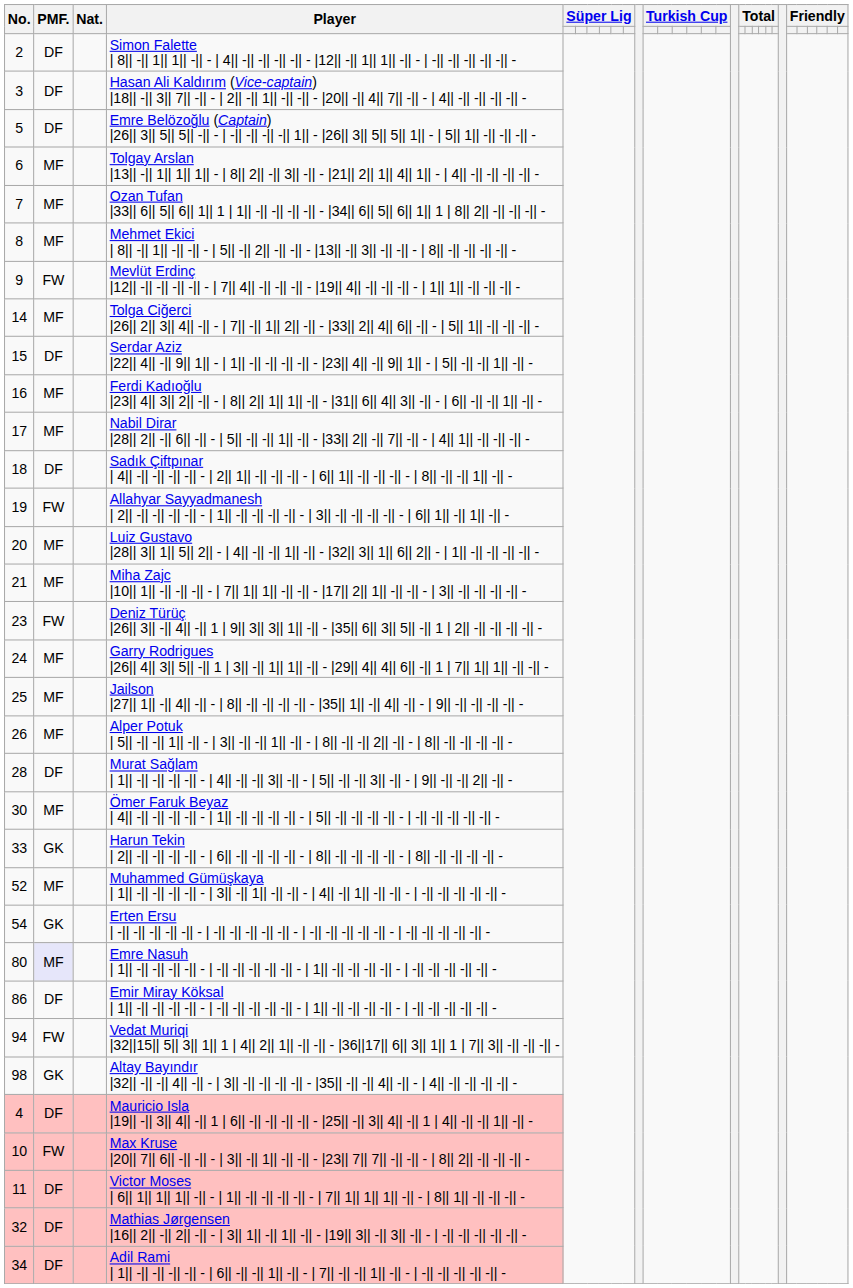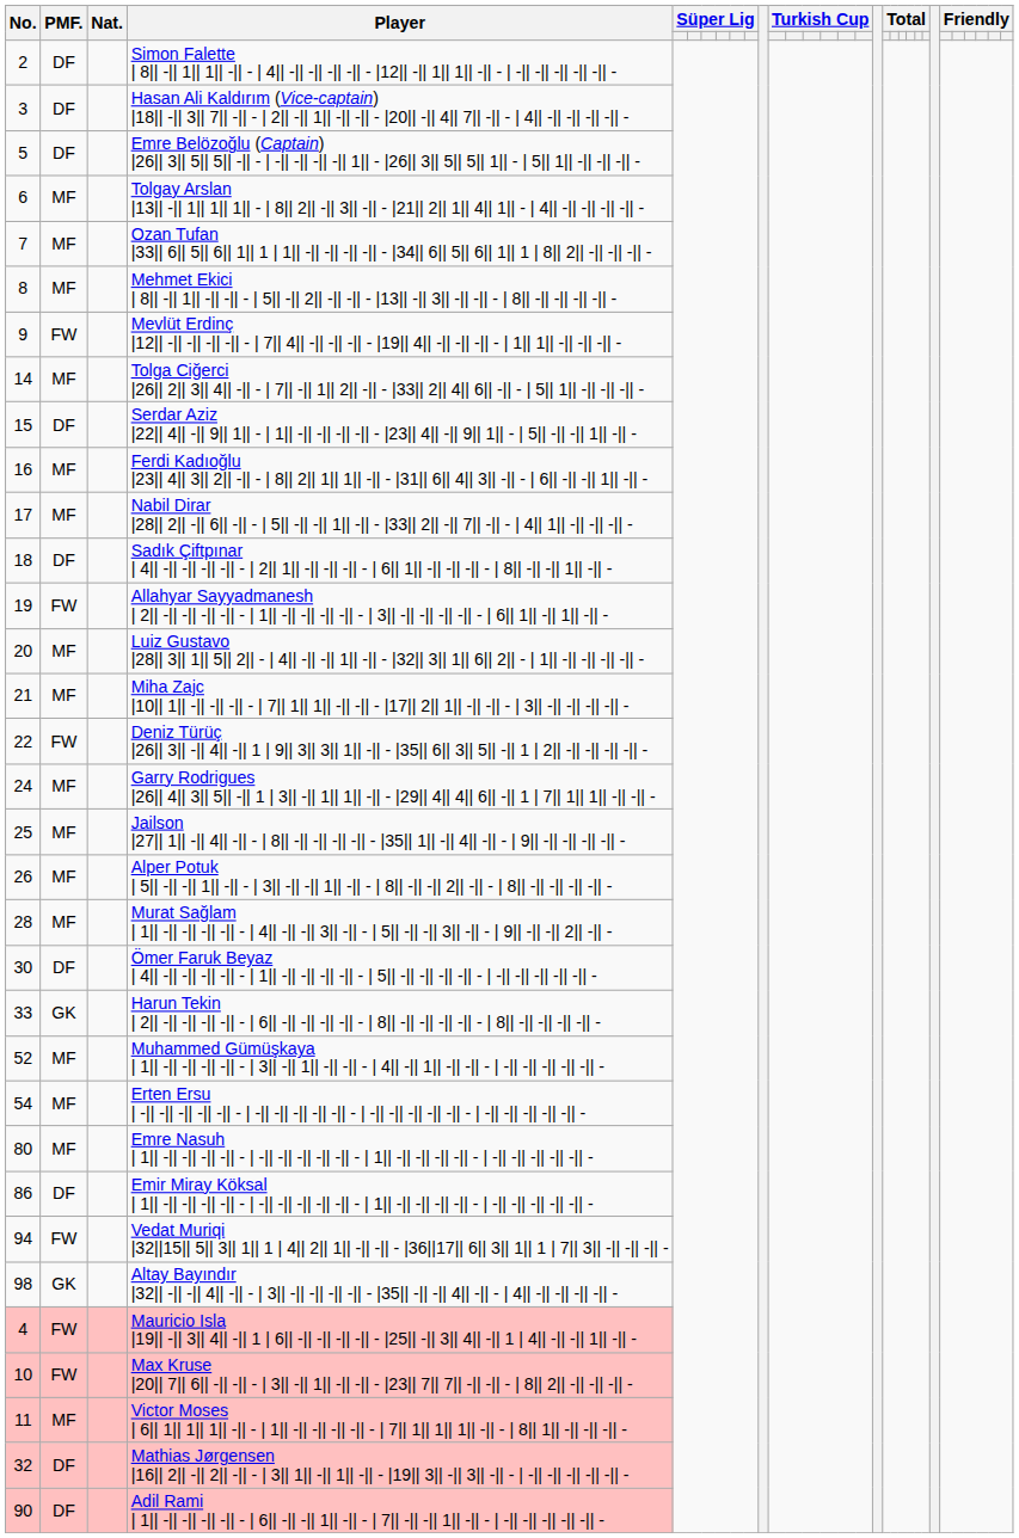 <table class="wikitable" style="text-align: center; font-size:85%;">
 <tr>
 <th rowspan="2">No.</th>
 <th rowspan="2">PMF.</th>
 <th rowspan="2">Nat.</th>
 <th rowspan="2">Player</th>
 <th colspan="6"><a href='#'>Süper Lig</a></th>
 <th rowspan="51" width="1"></th>
 <th colspan="6"><a href='#'>Turkish Cup</a></th>
 <th rowspan="51" width="1"></th>
 <th colspan="6">Total</th>
 <th rowspan="51" width="1"></th>
 <th colspan="6">Friendly</th>
 </tr>
 <tr class="unsortable">
 <th></th>
 <th></th>
 <th></th>
 <th></th>
 <th></th>
 <th></th>
 <th></th>
 <th></th>
 <th></th>
 <th></th>
 <th></th>
 <th></th>
 <th></th>
 <th></th>
 <th></th>
 <th></th>
 <th></th>
 <th></th>
 <th></th>
 <th></th>
 <th></th>
 <th></th>
 <th></th>
 <th></th>
 </tr>
 <tr>
 <td>2</td>
 <td>DF</td>
 <td></td>
 <td align=left><a href='#'>Simon Falette</a><br>          | 8|| -|| 1|| 1|| -|| -         | 4|| -|| -|| -|| -|| -               |12|| -|| 1|| 1|| -|| -            | -|| -|| -|| -|| -|| -</td>
 </tr>
 <tr>
 <td>3</td>
 <td>DF</td>
 <td></td>
 <td align=left><a href='#'>Hasan Ali Kaldırım</a> (<em><a href='#'>Vice-captain</a></em>)<br>          |18|| -|| 3|| 7|| -|| -         | 2|| -|| 1|| -|| -|| -               |20|| -|| 4|| 7|| -|| -            | 4|| -|| -|| -|| -|| -</td>
 </tr>
 <tr>
 <td>5</td>
 <td>DF</td>
 <td></td>
 <td align=left><a href='#'>Emre Belözoğlu</a> (<em><a href='#'>Captain</a></em>)<br>          |26|| 3|| 5|| 5|| -|| -         | -|| -|| -|| -|| 1|| -               |26|| 3|| 5|| 5|| 1|| -            | 5|| 1|| -|| -|| -|| -</td>
 </tr>
 <tr>
 <td>6</td>
 <td>MF</td>
 <td></td>
 <td align=left><a href='#'>Tolgay Arslan</a><br>          |13|| -|| 1|| 1|| 1|| -         | 8|| 2|| -|| 3|| -|| -               |21|| 2|| 1|| 4|| 1|| -            | 4|| -|| -|| -|| -|| -</td>
 </tr>
 <tr>
 <td>7</td>
 <td>MF</td>
 <td></td>
 <td align=left><a href='#'>Ozan Tufan</a><br>          |33|| 6|| 5|| 6|| 1|| 1         | 1|| -|| -|| -|| -|| -               |34|| 6|| 5|| 6|| 1|| 1            | 8|| 2|| -|| -|| -|| -</td>
 </tr>
 <tr>
 <td>8</td>
 <td>MF</td>
 <td></td>
 <td align=left><a href='#'>Mehmet Ekici</a><br>          | 8|| -|| 1|| -|| -|| -         | 5|| -|| 2|| -|| -|| -               |13|| -|| 3|| -|| -|| -            | 8|| -|| -|| -|| -|| -</td>
 </tr>
 <tr>
 <td>9</td>
 <td>FW</td>
 <td></td>
 <td align=left><a href='#'>Mevlüt Erdinç</a><br>          |12|| -|| -|| -|| -|| -         | 7|| 4|| -|| -|| -|| -               |19|| 4|| -|| -|| -|| -            | 1|| 1|| -|| -|| -|| -</td>
 </tr>
 <tr>
 <td>14</td>
 <td>MF</td>
 <td></td>
 <td align=left><a href='#'>Tolga Ciğerci</a><br>          |26|| 2|| 3|| 4|| -|| -         | 7|| -|| 1|| 2|| -|| -               |33|| 2|| 4|| 6|| -|| -            | 5|| 1|| -|| -|| -|| -</td>
 </tr>
 <tr>
 <td>15</td>
 <td>DF</td>
 <td></td>
 <td align=left><a href='#'>Serdar Aziz</a><br>          |22|| 4|| -|| 9|| 1|| -         | 1|| -|| -|| -|| -|| -               |23|| 4|| -|| 9|| 1|| -            | 5|| -|| -|| 1|| -|| -</td>
 </tr>
 <tr>
 <td>16</td>
 <td>MF</td>
 <td></td>
 <td align=left><a href='#'>Ferdi Kadıoğlu</a><br>          |23|| 4|| 3|| 2|| -|| -         | 8|| 2|| 1|| 1|| -|| -               |31|| 6|| 4|| 3|| -|| -            | 6|| -|| -|| 1|| -|| -</td>
 </tr>
 <tr>
 <td>17</td>
 <td>MF</td>
 <td></td>
 <td align=left><a href='#'>Nabil Dirar</a><br>          |28|| 2|| -|| 6|| -|| -         | 5|| -|| -|| 1|| -|| -               |33|| 2|| -|| 7|| -|| -            | 4|| 1|| -|| -|| -|| -</td>
 </tr>
 <tr>
 <td>18</td>
 <td>DF</td>
 <td></td>
 <td align=left><a href='#'>Sadık Çiftpınar</a><br>          | 4|| -|| -|| -|| -|| -         | 2|| 1|| -|| -|| -|| -               | 6|| 1|| -|| -|| -|| -            | 8|| -|| -|| 1|| -|| -</td>
 </tr>
 <tr>
 <td>19</td>
 <td>FW</td>
 <td></td>
 <td align=left><a href='#'>Allahyar Sayyadmanesh</a><br>          | 2|| -|| -|| -|| -|| -         | 1|| -|| -|| -|| -|| -               | 3|| -|| -|| -|| -|| -            | 6|| 1|| -|| 1|| -|| -</td>
 </tr>
 <tr>
 <td>20</td>
 <td>MF</td>
 <td></td>
 <td align=left><a href='#'>Luiz Gustavo</a><br>          |28|| 3|| 1|| 5|| 2|| -         | 4|| -|| -|| 1|| -|| -               |32|| 3|| 1|| 6|| 2|| -            | 1|| -|| -|| -|| -|| -</td>
 </tr>
 <tr>
 <td>21</td>
 <td>MF</td>
 <td></td>
 <td align=left><a href='#'>Miha Zajc</a><br>          |10|| 1|| -|| -|| -|| -         | 7|| 1|| 1|| -|| -|| -               |17|| 2|| 1|| -|| -|| -            | 3|| -|| -|| -|| -|| -</td>
 </tr>
 <tr>
-<td>23</td>
+<td>22</td>
 <td>FW</td>
 <td></td>
 <td align=left><a href='#'>Deniz Türüç</a><br>          |26|| 3|| -|| 4|| -|| 1         | 9|| 3|| 3|| 1|| -|| -               |35|| 6|| 3|| 5|| -|| 1            | 2|| -|| -|| -|| -|| -</td>
 </tr>
 <tr>
 <td>24</td>
 <td>MF</td>
 <td></td>
 <td align=left><a href='#'>Garry Rodrigues</a><br>          |26|| 4|| 3|| 5|| -|| 1         | 3|| -|| 1|| 1|| -|| -               |29|| 4|| 4|| 6|| -|| 1            | 7|| 1|| 1|| -|| -|| -</td>
 </tr>
 <tr>
 <td>25</td>
 <td>MF</td>
 <td></td>
 <td align=left><a href='#'>Jailson</a><br>          |27|| 1|| -|| 4|| -|| -         | 8|| -|| -|| -|| -|| -               |35|| 1|| -|| 4|| -|| -            | 9|| -|| -|| -|| -|| -</td>
 </tr>
 <tr>
 <td>26</td>
 <td>MF</td>
 <td></td>
 <td align=left><a href='#'>Alper Potuk</a><br>          | 5|| -|| -|| 1|| -|| -         | 3|| -|| -|| 1|| -|| -               | 8|| -|| -|| 2|| -|| -            | 8|| -|| -|| -|| -|| -</td>
 </tr>
 <tr>
 <td>28</td>
-<td>DF</td>
+<td>MF</td>
 <td></td>
 <td align=left><a href='#'>Murat Sağlam</a><br>          | 1|| -|| -|| -|| -|| -         | 4|| -|| -|| 3|| -|| -               | 5|| -|| -|| 3|| -|| -            | 9|| -|| -|| 2|| -|| -</td>
 </tr>
 <tr>
 <td>30</td>
-<td>MF</td>
+<td>DF</td>
 <td></td>
 <td align=left><a href='#'>Ömer Faruk Beyaz</a><br>          | 4|| -|| -|| -|| -|| -         | 1|| -|| -|| -|| -|| -               | 5|| -|| -|| -|| -|| -            | -|| -|| -|| -|| -|| -</td>
 </tr>
 <tr>
 <td>33</td>
 <td>GK</td>
 <td></td>
 <td align=left><a href='#'>Harun Tekin</a><br>          | 2|| -|| -|| -|| -|| -         | 6|| -|| -|| -|| -|| -               | 8|| -|| -|| -|| -|| -            | 8|| -|| -|| -|| -|| -</td>
 </tr>
 <tr>
 <td>52</td>
 <td>MF</td>
 <td></td>
 <td align=left><a href='#'>Muhammed Gümüşkaya</a><br>          | 1|| -|| -|| -|| -|| -         | 3|| -|| 1|| -|| -|| -               | 4|| -|| 1|| -|| -|| -            | -|| -|| -|| -|| -|| -</td>
 </tr>
 <tr>
 <td>54</td>
-<td>GK</td>
+<td>MF</td>
 <td></td>
 <td align=left><a href='#'>Erten Ersu</a><br>          | -|| -|| -|| -|| -|| -         | -|| -|| -|| -|| -|| -               | -|| -|| -|| -|| -|| -            | -|| -|| -|| -|| -|| -</td>
 </tr>
 <tr>
 <td>80</td>
-<td style="background: lavender;">MF</td>
+<td>MF</td>
 <td></td>
 <td align=left><a href='#'>Emre Nasuh</a><br>          | 1|| -|| -|| -|| -|| -         | -|| -|| -|| -|| -|| -               | 1|| -|| -|| -|| -|| -            | -|| -|| -|| -|| -|| -</td>
 </tr>
 <tr>
 <td>86</td>
 <td>DF</td>
 <td></td>
 <td align=left><a href='#'>Emir Miray Köksal</a><br>          | 1|| -|| -|| -|| -|| -         | -|| -|| -|| -|| -|| -               | 1|| -|| -|| -|| -|| -            | -|| -|| -|| -|| -|| -</td>
 </tr>
 <tr>
 <td>94</td>
 <td>FW</td>
 <td></td>
 <td align=left><a href='#'>Vedat Muriqi</a><br>          |32||15|| 5|| 3|| 1|| 1         | 4|| 2|| 1|| -|| -|| -               |36||17|| 6|| 3|| 1|| 1            | 7|| 3|| -|| -|| -|| -</td>
 </tr>
 <tr>
 <td>98</td>
 <td>GK</td>
 <td></td>
 <td align=left><a href='#'>Altay Bayındır</a><br>          |32|| -|| -|| 4|| -|| -         | 3|| -|| -|| -|| -|| -               |35|| -|| -|| 4|| -|| -            | 4|| -|| -|| -|| -|| -</td>
 </tr>
 <tr bgcolor=#ffchch>
 <td>4</td>
-<td>DF</td>
+<td>FW</td>
 <td></td>
 <td align=left><a href='#'>Mauricio Isla</a><br>          |19|| -|| 3|| 4|| -|| 1         | 6|| -|| -|| -|| -|| -               |25|| -|| 3|| 4|| -|| 1            | 4|| -|| -|| 1|| -|| -</td>
 </tr>
 <tr bgcolor=#ffchch>
 <td>10</td>
 <td>FW</td>
 <td></td>
 <td align=left><a href='#'>Max Kruse</a><br>          |20|| 7|| 6|| -|| -|| -         | 3|| -|| 1|| -|| -|| -               |23|| 7|| 7|| -|| -|| -            | 8|| 2|| -|| -|| -|| -</td>
 </tr>
 <tr bgcolor=#ffchch>
 <td>11</td>
-<td>DF</td>
+<td>MF</td>
 <td></td>
 <td align=left><a href='#'>Victor Moses</a><br>          | 6|| 1|| 1|| 1|| -|| -         | 1|| -|| -|| -|| -|| -               | 7|| 1|| 1|| 1|| -|| -            | 8|| 1|| -|| -|| -|| -</td>
 </tr>
 <tr bgcolor=#ffchch>
 <td>32</td>
 <td>DF</td>
 <td></td>
 <td align=left><a href='#'>Mathias Jørgensen</a><br>          |16|| 2|| -|| 2|| -|| -         | 3|| 1|| -|| 1|| -|| -               |19|| 3|| -|| 3|| -|| -            | -|| -|| -|| -|| -|| -</td>
 </tr>
 <tr bgcolor=#ffchch>
-<td>34</td>
+<td>90</td>
 <td>DF</td>
 <td></td>
 <td align=left><a href='#'>Adil Rami</a><br>          | 1|| -|| -|| -|| -|| -         | 6|| -|| -|| 1|| -|| -               | 7|| -|| -|| 1|| -|| -            | -|| -|| -|| -|| -|| -</td>
 </tr>
 </table>
